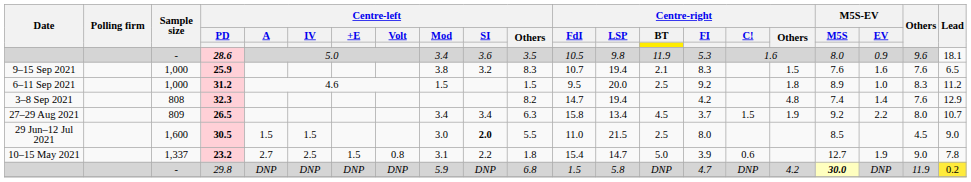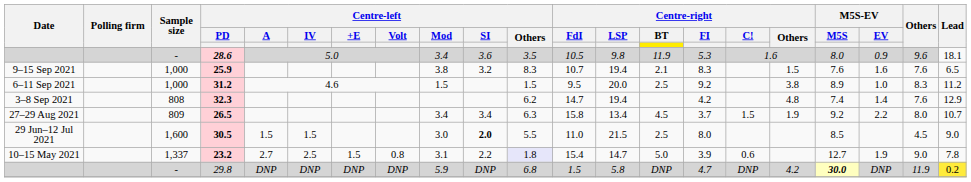 <table class=wikitable style="text-align:center;font-size:85%;line-height:13px">
 <tr style="height:30px; background-color:#E9E9E9">
 <th style="width:110px;" rowspan="3">Date</th>
 <th style="width:90px;" rowspan="3">Polling firm</th>
 <th style="width:60px;" rowspan="3">Sample size</th>
 <th colspan="8" style="width:35px;"><a href='#'>Centre-left</a></th>
 <th colspan="6" style="width:35px;"><a href='#'>Centre-right</a></th>
 <th colspan="2" style="width:35px;">M5S-EV</th>
 <th style="width:35px;" rowspan="3">Others</th>
 <th style="width:25px;" rowspan="3">Lead</th>
 </tr>
 <tr>
 <th style="width:55px;"><a href='#'>PD</a></th>
 <th style="width:55px;"><a href='#'>A</a></th>
 <th style="width:55px;"><a href='#'>IV</a></th>
 <th style="width:55px;"><a href='#'>+E</a></th>
 <th style="width:55px;"><a href='#'>Volt</a></th>
 <th style="width:55px;"><a href='#'>Mod</a></th>
 <th style="width:55px;"><a href='#'>SI</a></th>
 <th style="width:55px;" rowspan="2">Others</th>
 <th style="width:55px;"><a href='#'>FdI</a></th>
 <th style="width:55px;"><a href='#'>LSP</a></th>
 <th style="width:55px;">BT</th>
 <th style="width:55px;"><a href='#'>FI</a></th>
 <th style="width:55px;"><a href='#'>C!</a></th>
 <th style="width:55px;" rowspan="2">Others</th>
 <th style="width:55px;"><a href='#'>M5S</a></th>
 <th style="width:55px;"><a href='#'>EV</a></th>
 </tr>
 <tr>
 <th style="background:"></th>
 <th style="background:"></th>
 <th style="background:"></th>
 <th style="background:"></th>
 <th style="background:"></th>
 <th style="background:"></th>
 <th style="background:"></th>
 <th style="background:"></th>
 <th style="background:"></th>
 <td bgcolor="#FFEC01"></td>
 <th style="background:"></th>
 <th style="background:"></th>
 <th style="background:"></th>
 <th style="background:"></th>
 </tr>
 <tr>
 <td style="background:#D5D5D5"></td>
 <td style="background:#D5D5D5"></td>
 <td style="background:#D5D5D5"><em>-</em></td>
 <td style="background:#FFD0D7"><strong><em>28.6</em></strong></td>
 <td style="background:#D5D5D5" colspan=4><em>5.0</em></td>
 <td style="background:#D5D5D5"><em>3.4</em></td>
 <td style="background:#D5D5D5"><em>3.6</em></td>
 <td style="background:#D5D5D5"><em>3.5</em></td>
 <td style="background:#D5D5D5"><em>10.5</em></td>
 <td style="background:#D5D5D5"><em>9.8</em></td>
 <td style="background:#D5D5D5"><em>11.9</em></td>
 <td style="background:#D5D5D5"><em>5.3</em></td>
 <td style="background:#D5D5D5" colspan=2><em>1.6</em></td>
 <td style="background:#D5D5D5"><em>8.0</em></td>
 <td style="background:#D5D5D5"><em>0.9</em></td>
 <td style="background:#D5D5D5"><em>9.6</em></td>
 <td style="background:">18.1</td>
 </tr>
 <tr>
 <td>9–15 Sep 2021</td>
 <td></td>
 <td>1,000</td>
 <td style="background:#FFD0D7"><strong>25.9</strong></td>
 <td></td>
 <td></td>
 <td></td>
 <td></td>
 <td>3.8</td>
 <td>3.2</td>
 <td>8.3</td>
 <td>10.7</td>
 <td>19.4</td>
 <td>2.1</td>
 <td>8.3</td>
 <td></td>
 <td>1.5</td>
 <td>7.6</td>
 <td>1.6</td>
 <td>7.6</td>
 <td style="background:">6.5</td>
 </tr>
 <tr>
 <td>6–11 Sep 2021</td>
 <td></td>
 <td>1,000</td>
 <td style="background:#FFD0D7"><strong>31.2</strong></td>
 <td colspan=4>4.6</td>
 <td>1.5</td>
 <td></td>
 <td>1.5</td>
 <td>9.5</td>
 <td>20.0</td>
 <td>2.5</td>
 <td>9.2</td>
 <td></td>
-<td>1.8</td>
+<td>3.8</td>
 <td>8.9</td>
 <td>1.0</td>
 <td>8.3</td>
 <td style="background:">11.2</td>
 </tr>
 <tr>
 <td>3–8 Sep 2021</td>
 <td></td>
 <td>808</td>
 <td style="background:#FFD0D7"><strong>32.3</strong></td>
 <td></td>
 <td></td>
 <td></td>
 <td></td>
 <td></td>
 <td></td>
-<td>8.2</td>
+<td>6.2</td>
 <td>14.7</td>
 <td>19.4</td>
 <td></td>
 <td>4.2</td>
 <td></td>
 <td>4.8</td>
 <td>7.4</td>
 <td>1.4</td>
 <td>7.6</td>
 <td style="background:">12.9</td>
 </tr>
 <tr>
 <td>27–29 Aug 2021</td>
 <td></td>
 <td>809</td>
 <td style="background:#FFD0D7"><strong>26.5</strong></td>
 <td></td>
 <td></td>
 <td></td>
 <td></td>
 <td>3.4</td>
 <td>3.4</td>
 <td>6.3</td>
 <td>15.8</td>
 <td>13.4</td>
 <td>4.5</td>
 <td>3.7</td>
 <td>1.5</td>
 <td>1.9</td>
 <td>9.2</td>
 <td>2.2</td>
 <td>8.0</td>
 <td style="background:">10.7</td>
 </tr>
 <tr>
 <td>29 Jun–12 Jul 2021</td>
 <td></td>
 <td>1,600</td>
 <td style="background:#FFD0D7"><strong>30.5</strong></td>
 <td>1.5</td>
 <td>1.5</td>
 <td></td>
 <td></td>
 <td>3.0</td>
 <td><strong>2.0</strong></td>
 <td>5.5</td>
 <td>11.0</td>
 <td>21.5</td>
 <td>2.5</td>
 <td>8.0</td>
 <td></td>
 <td></td>
 <td>8.5</td>
 <td></td>
 <td>4.5</td>
 <td style="background:">9.0</td>
 </tr>
 <tr>
 <td>10–15 May 2021</td>
 <td></td>
 <td>1,337</td>
 <td style="background:#FFD0D7"><strong>23.2</strong></td>
 <td>2.7</td>
 <td>2.5</td>
 <td>1.5</td>
 <td>0.8</td>
 <td>3.1</td>
 <td>2.2</td>
-<td>1.8</td>
+<td style="background: lavender;">1.8</td>
 <td>15.4</td>
 <td>14.7</td>
 <td>5.0</td>
 <td>3.9</td>
 <td>0.6</td>
 <td></td>
 <td>12.7</td>
 <td>1.9</td>
 <td>9.0</td>
 <td style="background:">7.8</td>
 </tr>
 <tr>
 <td style="background:#D5D5D5"></td>
 <td style="background:#D5D5D5"></td>
 <td style="background:#D5D5D5"><em>-</em></td>
 <td style="background:#D5D5D5"><em>29.8</em></td>
 <td style="background:#D5D5D5"><em>DNP</em></td>
 <td style="background:#D5D5D5"><em>DNP</em></td>
 <td style="background:#D5D5D5"><em>DNP</em></td>
 <td style="background:#D5D5D5"><em>DNP</em></td>
 <td style="background:#D5D5D5"><em>5.9</em></td>
 <td style="background:#D5D5D5"><em>DNP</em></td>
 <td style="background:#D5D5D5"><em>6.8</em></td>
 <td style="background:#D5D5D5"><em>1.5</em></td>
 <td style="background:#D5D5D5"><em>5.8</em></td>
 <td style="background:#D5D5D5"><em>DNP</em></td>
 <td style="background:#D5D5D5"><em>4.7</em></td>
 <td style="background:#D5D5D5"><em>DNP</em></td>
 <td style="background:#D5D5D5"><em>4.2</em></td>
 <td style="background:#FFFFBF"><strong><em>30.0</em></strong></td>
 <td style="background:#D5D5D5"><em>DNP</em></td>
 <td style="background:#D5D5D5"><em>11.9</em></td>
 <td style="background:#FFEB3B">0.2</td>
 </tr>
 <tr>
 </tr>
 </table>
